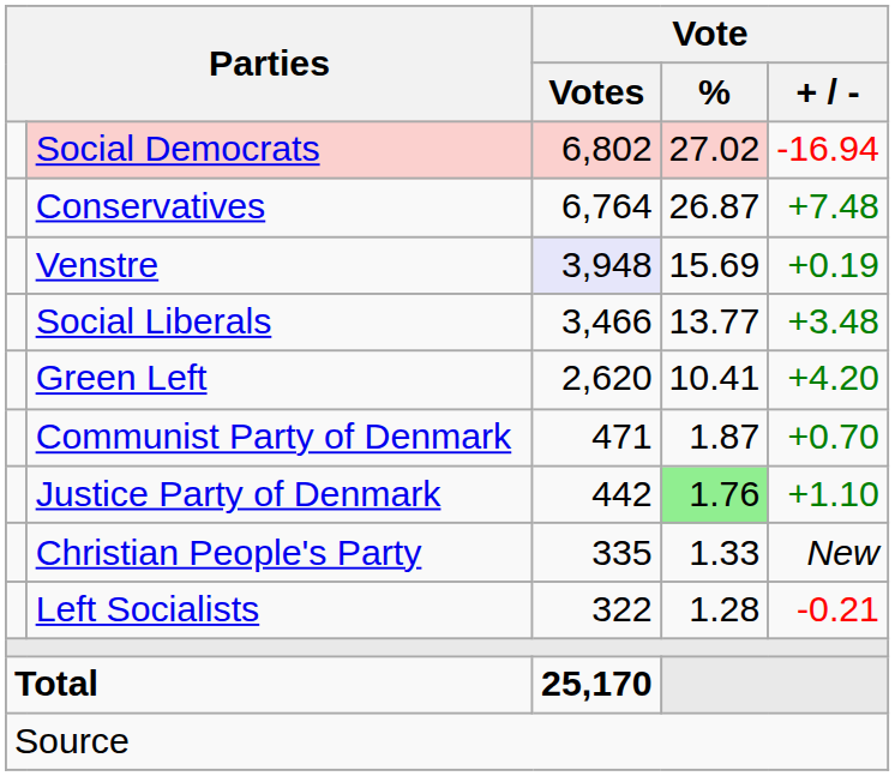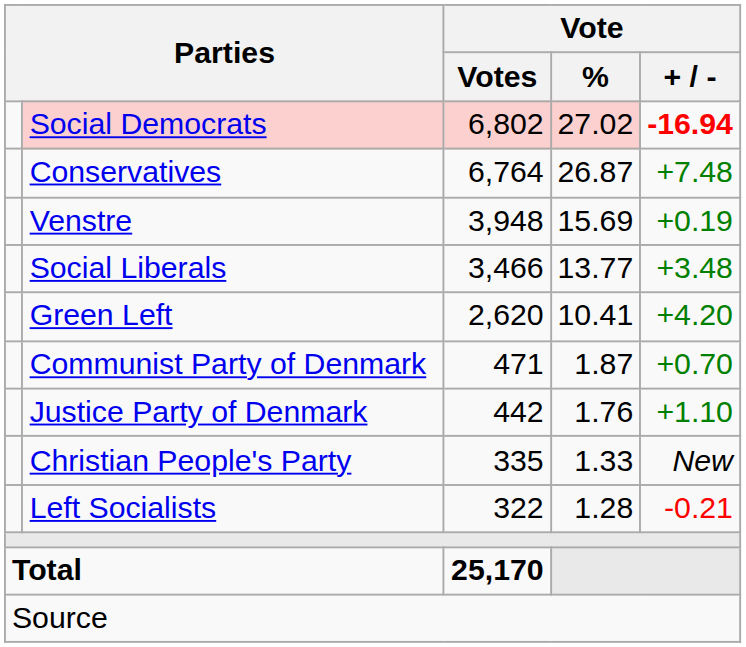 <table class="wikitable" style="text-align:right;">
 <tr>
 <th style="text-align:centre;" rowspan="2" colspan="2" width="225">Parties</th>
 <th colspan="3">Vote</th>
 </tr>
 <tr>
 <th width="15">Votes</th>
 <th width="15">%</th>
 <th width="15">+ / -</th>
 </tr>
 <tr>
 <td width="2" style="color:inherit;background:"></td>
 <td bgcolor=#fbd0ce  align="left"><a href='#'>Social Democrats</a></td>
 <td bgcolor=#fbd0ce>6,802</td>
 <td bgcolor=#fbd0ce>27.02</td>
-<td style=color:red;>-16.94</td>
+<td style=color:red;><strong>-16.94</strong></td>
 </tr>
 <tr>
 <td width="2" style="color:inherit;background:"></td>
 <td align="left"><a href='#'>Conservatives</a></td>
 <td>6,764</td>
 <td>26.87</td>
 <td style=color:green;>+7.48</td>
 </tr>
 <tr>
 <td width="2" style="color:inherit;background:"></td>
 <td align="left"><a href='#'>Venstre</a></td>
-<td style="background: lavender;">3,948</td>
+<td>3,948</td>
 <td>15.69</td>
 <td style=color:green;>+0.19</td>
 </tr>
 <tr>
 <td width="2" style="color:inherit;background:"></td>
 <td align="left"><a href='#'>Social Liberals</a></td>
 <td>3,466</td>
 <td>13.77</td>
 <td style=color:green;>+3.48</td>
 </tr>
 <tr>
 <td width="2" style="color:inherit;background:"></td>
 <td align="left"><a href='#'>Green Left</a></td>
 <td>2,620</td>
 <td>10.41</td>
 <td style=color:green;>+4.20</td>
 </tr>
 <tr>
 <td width="2" style="color:inherit;background:"></td>
 <td align="left"><a href='#'>Communist Party of Denmark</a></td>
 <td>471</td>
 <td>1.87</td>
 <td style=color:green;>+0.70</td>
 </tr>
 <tr>
 <td width="2" style="color:inherit;background:"></td>
 <td align="left"><a href='#'>Justice Party of Denmark</a></td>
 <td>442</td>
-<td style="background: lightgreen;">1.76</td>
+<td>1.76</td>
 <td style=color:green;>+1.10</td>
 </tr>
 <tr>
 <td width="2" style="color:inherit;background:"></td>
 <td align="left"><a href='#'>Christian People's Party</a></td>
 <td>335</td>
 <td>1.33</td>
 <td><em>New</em></td>
 </tr>
 <tr>
 <td width="2" style="color:inherit;background:"></td>
 <td align="left"><a href='#'>Left Socialists</a></td>
 <td>322</td>
 <td>1.28</td>
 <td style=color:red;>-0.21</td>
 </tr>
 <tr>
 <td colspan="7" bgcolor="#E9E9E9"></td>
 </tr>
 <tr>
 <td align="left" colspan="2"><strong>Total</strong></td>
 <td><strong>25,170</strong></td>
 <td bgcolor="#E9E9E9" colspan="2"></td>
 </tr>
 <tr>
 <td align="left" colspan="6">Source</td>
 </tr>
 </table>
